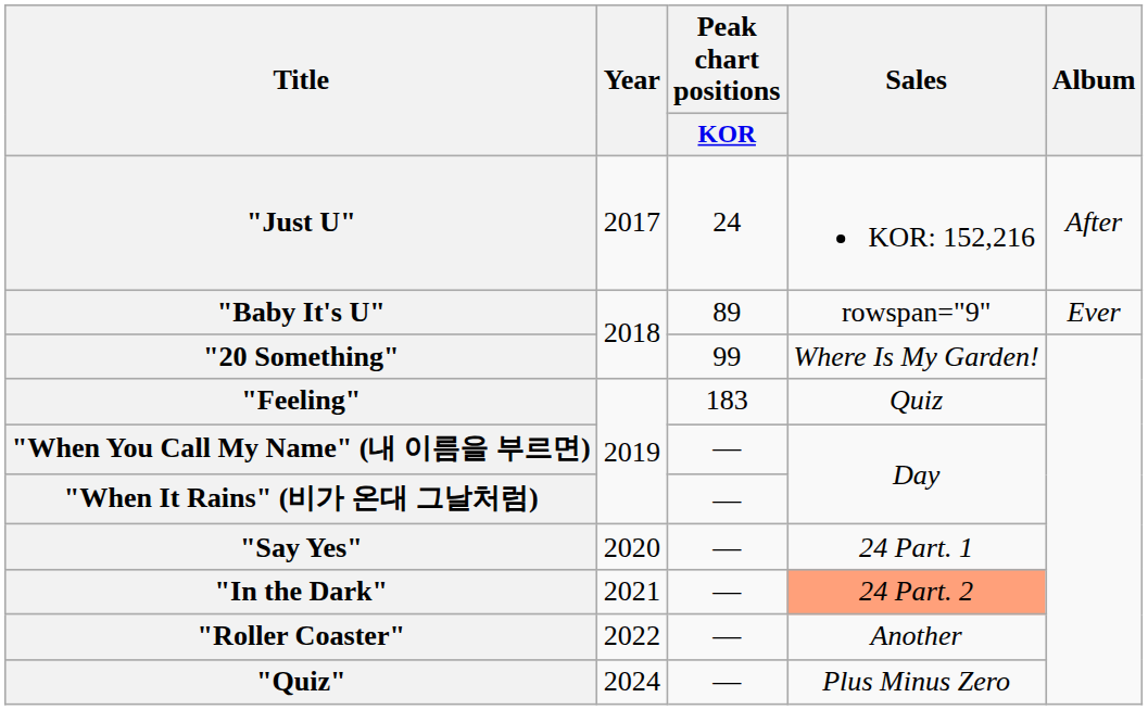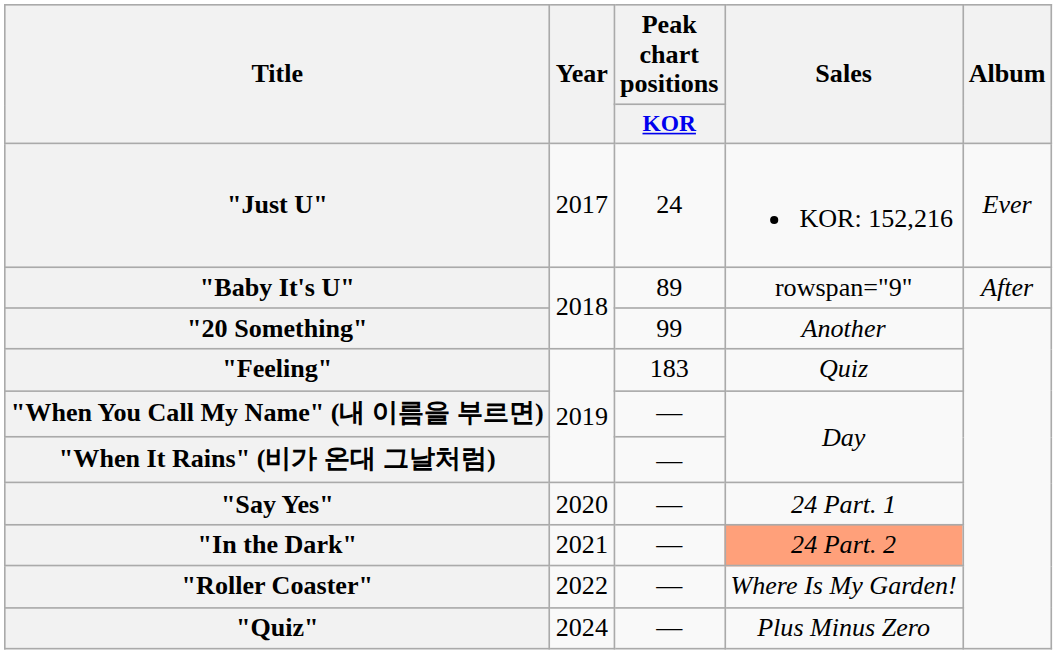 <table class="wikitable plainrowheaders" style="text-align:center;">
 <tr>
 <th scope="col" rowspan="2">Title</th>
 <th scope="col" rowspan="2">Year</th>
 <th scope="col">Peak<br>chart<br>positions</th>
 <th scope="col" rowspan="2">Sales</th>
 <th scope="col" rowspan="2">Album</th>
 </tr>
 <tr>
 <th scope="col" style="width:3.5em;font-size:90%;"><a href='#'>KOR</a><br></th>
 </tr>
 <tr>
 <th scope="row">"Just U" </th>
 <td>2017</td>
 <td>24</td>
 <td><br><ul><li>KOR: 152,216</li></ul></td>
-<td><em>After</em></td>
+<td><em>Ever</em></td>
 </tr>
 <tr>
 <th scope="row">"Baby It's U"</th>
 <td rowspan="2">2018</td>
 <td>89</td>
 <td>rowspan="9" </td>
-<td><em>Ever</em></td>
+<td><em>After</em></td>
 </tr>
 <tr>
 <th scope="row">"20 Something"</th>
 <td>99</td>
-<td><em>Where Is My Garden!</em></td>
+<td><em>Another</em></td>
 </tr>
 <tr>
 <th scope="row">"Feeling" </th>
 <td rowspan="3">2019</td>
 <td>183</td>
 <td><em>Quiz</em></td>
 </tr>
 <tr>
 <th scope="row">"When You Call My Name" (내 이름을 부르면)</th>
 <td>—</td>
 <td rowspan="2"><em>Day</em></td>
 </tr>
 <tr>
 <th scope="row">"When It Rains" (비가 온대 그날처럼)</th>
 <td>—</td>
 </tr>
 <tr>
 <th scope="row">"Say Yes"</th>
 <td>2020</td>
 <td>—</td>
 <td><em>24 Part. 1</em></td>
 </tr>
 <tr>
 <th scope="row">"In the Dark"</th>
 <td>2021</td>
 <td>—</td>
 <td style="background: lightsalmon;"><em>24 Part. 2</em></td>
 </tr>
 <tr>
 <th scope="row">"Roller Coaster"</th>
 <td>2022</td>
 <td>—</td>
-<td><em>Another</em></td>
+<td><em>Where Is My Garden!</em></td>
 </tr>
 <tr>
 <th scope="row">"Quiz"</th>
 <td>2024</td>
 <td>—</td>
 <td><em>Plus Minus Zero</em></td>
 </tr>
 </table>
